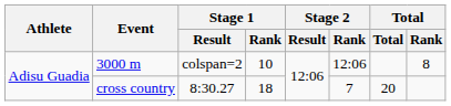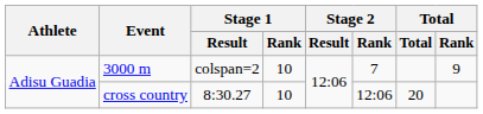 <table class="wikitable" style="font-size:90%">
 <tr>
 <th rowspan=2>Athlete</th>
 <th rowspan=2>Event</th>
 <th colspan=2>Stage 1</th>
 <th colspan=2>Stage 2</th>
 <th colspan=2>Total</th>
 </tr>
 <tr style="font-size:95%">
 <th>Result</th>
 <th>Rank</th>
 <th>Result</th>
 <th>Rank</th>
 <th>Total</th>
 <th>Rank</th>
 </tr>
 <tr align=center>
 <td align=left rowspan=2><a href='#'>Adisu Guadia</a></td>
 <td align=left><a href='#'>3000 m</a></td>
 <td>colspan=2 </td>
 <td>10</td>
 <td rowspan=2>12:06</td>
-<td>12:06</td>
+<td>7</td>
 <td></td>
-<td>8</td>
+<td>9</td>
 </tr>
 <tr align=center>
 <td align=left><a href='#'>cross country</a></td>
 <td>8:30.27</td>
-<td>18</td>
-<td>7</td>
+<td>10</td>
+<td>12:06</td>
 <td>20</td>
 </tr>
 </table>
